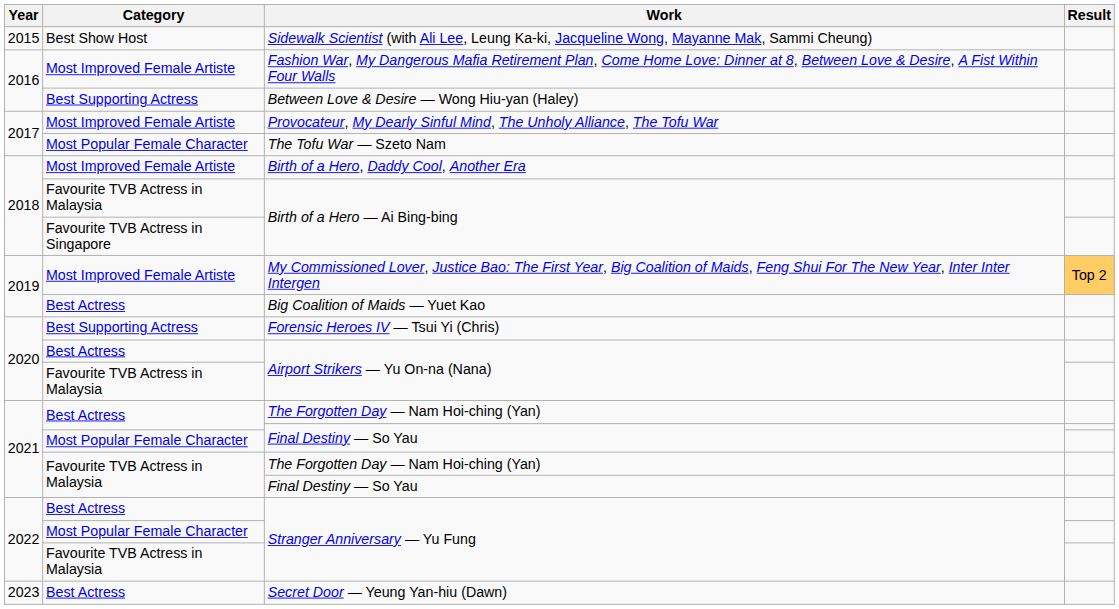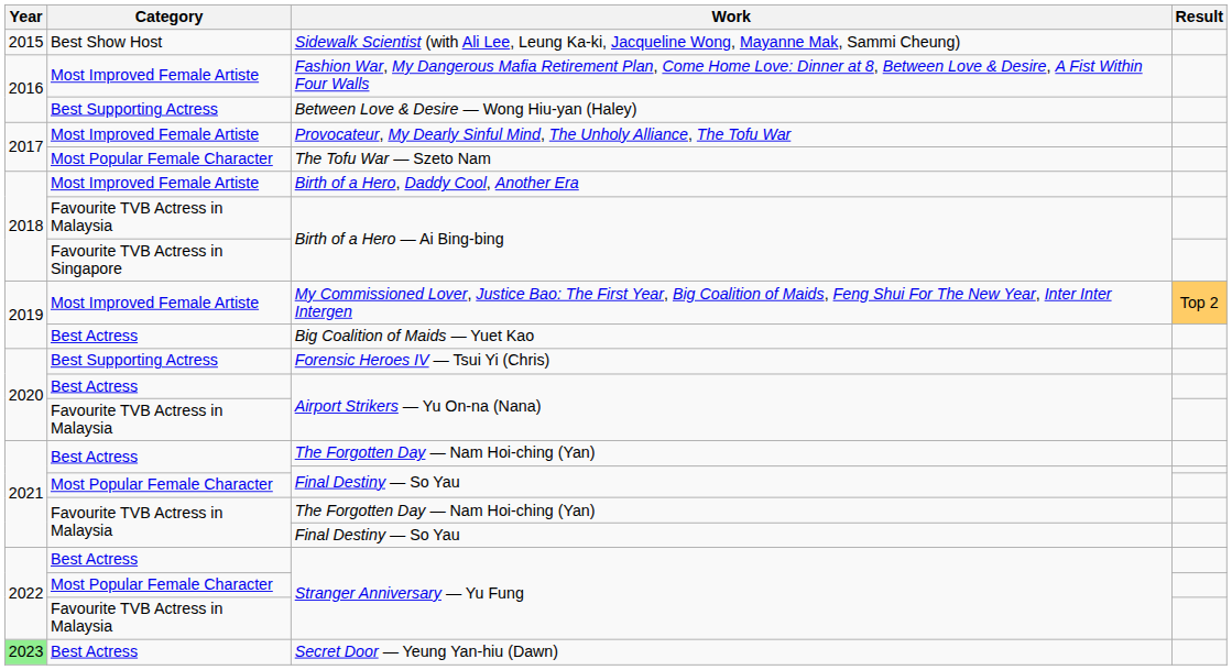 <table class="wikitable sortable">
 <tr>
 <th>Year</th>
 <th>Category</th>
 <th>Work</th>
 <th>Result</th>
 </tr>
 <tr>
 <td>2015</td>
 <td>Best Show Host</td>
 <td><em><a href='#'>Sidewalk Scientist</a></em> (with <a href='#'>Ali Lee</a>, Leung Ka-ki, <a href='#'>Jacqueline Wong</a>, <a href='#'>Mayanne Mak</a>, Sammi Cheung)</td>
 <td></td>
 </tr>
 <tr>
 <td rowspan=2>2016</td>
 <td><a href='#'>Most Improved Female Artiste</a></td>
 <td><em><a href='#'>Fashion War</a></em>, <em><a href='#'>My Dangerous Mafia Retirement Plan</a></em>, <em><a href='#'>Come Home Love: Dinner at 8</a></em>, <em><a href='#'>Between Love & Desire</a></em>, <em><a href='#'>A Fist Within Four Walls</a></em></td>
 <td></td>
 </tr>
 <tr>
 <td><a href='#'>Best Supporting Actress</a></td>
 <td><em>Between Love & Desire</em> — Wong Hiu-yan (Haley)</td>
 <td></td>
 </tr>
 <tr>
 <td rowspan=2>2017</td>
 <td><a href='#'>Most Improved Female Artiste</a></td>
 <td><em><a href='#'>Provocateur</a></em>, <em><a href='#'>My Dearly Sinful Mind</a></em>, <em><a href='#'>The Unholy Alliance</a></em>, <em><a href='#'>The Tofu War</a></em></td>
 <td></td>
 </tr>
 <tr>
 <td><a href='#'>Most Popular Female Character</a></td>
 <td><em>The Tofu War</em> — Szeto Nam</td>
 <td></td>
 </tr>
 <tr>
 <td rowspan=3>2018</td>
 <td><a href='#'>Most Improved Female Artiste</a></td>
 <td><em><a href='#'>Birth of a Hero</a></em>, <em><a href='#'>Daddy Cool</a></em>, <em><a href='#'>Another Era</a></em></td>
 <td></td>
 </tr>
 <tr>
 <td>Favourite TVB Actress in Malaysia</td>
 <td rowspan=2><em>Birth of a Hero</em> — Ai Bing-bing</td>
 <td></td>
 </tr>
 <tr>
 <td>Favourite TVB Actress in Singapore</td>
 <td></td>
 </tr>
 <tr>
 <td rowspan=2>2019</td>
 <td><a href='#'>Most Improved Female Artiste</a></td>
 <td><em><a href='#'>My Commissioned Lover</a></em>, <em><a href='#'>Justice Bao: The First Year</a></em>, <em><a href='#'>Big Coalition of Maids</a></em>, <em><a href='#'>Feng Shui For The New Year</a></em>, <em><a href='#'>Inter Inter Intergen</a></em></td>
 <td style="background-color:#ffcc66; text-align:center;">Top 2</td>
 </tr>
 <tr>
 <td><a href='#'>Best Actress</a></td>
 <td><em>Big Coalition of Maids</em> — Yuet Kao</td>
 <td></td>
 </tr>
 <tr>
 <td rowspan=3>2020</td>
 <td><a href='#'>Best Supporting Actress</a></td>
 <td><em><a href='#'>Forensic Heroes IV</a></em> — Tsui Yi (Chris)</td>
 <td></td>
 </tr>
 <tr>
 <td><a href='#'>Best Actress</a></td>
 <td rowspan=2><em><a href='#'>Airport Strikers</a></em> — Yu On-na (Nana)</td>
 <td></td>
 </tr>
 <tr>
 <td>Favourite TVB Actress in Malaysia</td>
 <td></td>
 </tr>
 <tr>
 <td rowspan=5>2021</td>
 <td rowspan=2><a href='#'>Best Actress</a></td>
 <td><em><a href='#'>The Forgotten Day</a></em> — Nam Hoi-ching (Yan)</td>
 <td></td>
 </tr>
 <tr>
 <td rowspan=2><em><a href='#'>Final Destiny</a></em> — So Yau</td>
 <td></td>
 </tr>
 <tr>
 <td><a href='#'>Most Popular Female Character</a></td>
 <td></td>
 </tr>
 <tr>
 <td rowspan=2>Favourite TVB Actress in Malaysia</td>
 <td><em>The Forgotten Day</em> — Nam Hoi-ching (Yan)</td>
 <td></td>
 </tr>
 <tr>
 <td><em>Final Destiny</em> — So Yau</td>
 <td></td>
 </tr>
 <tr>
 <td rowspan=3>2022</td>
 <td><a href='#'>Best Actress</a></td>
 <td rowspan=3><em><a href='#'>Stranger Anniversary</a></em> — Yu Fung</td>
 <td></td>
 </tr>
 <tr>
 <td><a href='#'>Most Popular Female Character</a></td>
 <td></td>
 </tr>
 <tr>
 <td>Favourite TVB Actress in Malaysia</td>
 <td></td>
 </tr>
 <tr>
-<td>2023</td>
+<td style="background: lightgreen;">2023</td>
 <td><a href='#'>Best Actress</a></td>
 <td><em><a href='#'>Secret Door</a></em> — Yeung Yan-hiu (Dawn)</td>
 <td></td>
 </tr>
 </table>
